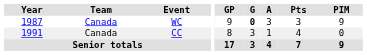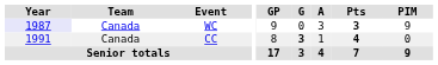 <table border="0" cellpadding="1" cellspacing="0" ID="Table3" style="text-align:center; width:40em">
 <tr bgcolor="#e0e0e0">
 <th>Year</th>
 <th>Team</th>
 <th>Event</th>
 <th rowspan="102" bgcolor="#ffffff"></th>
 <th>GP</th>
 <th>G</th>
 <th>A</th>
 <th>Pts</th>
 <th>PIM</th>
 </tr>
 <tr>
-<td><a href='#'>1987</a></td>
+<td style="background: lavender;"><a href='#'>1987</a></td>
 <td><a href='#'>Canada</a></td>
 <td><a href='#'>WC</a></td>
 <td>9</td>
-<td><strong>0</strong></td>
+<td>0</td>
 <td>3</td>
-<td>3</td>
+<td><strong>3</strong></td>
 <td>9</td>
 </tr>
 <tr bgcolor="#f0f0f0">
 <td><a href='#'>1991</a></td>
 <td>Canada</td>
 <td><a href='#'>CC</a></td>
 <td>8</td>
-<td>3</td>
+<td><strong>3</strong></td>
 <td>1</td>
-<td>4</td>
+<td><strong>4</strong></td>
 <td>0</td>
 </tr>
 <tr bgcolor="#e0e0e0">
 <th colspan=3>Senior totals</th>
 <th>17</th>
 <th>3</th>
 <th>4</th>
 <th>7</th>
 <th>9</th>
 </tr>
 </table>
